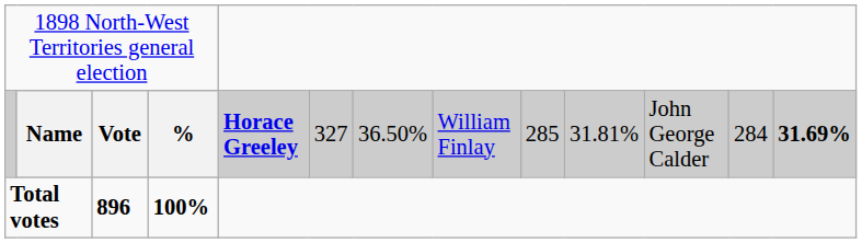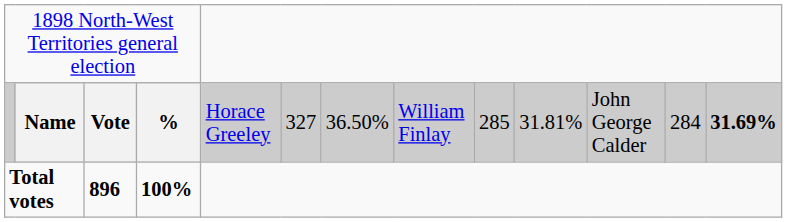 <table class="wikitable">
 <tr>
 <td colspan=4 align=center><a href='#'>1898 North-West Territories general election</a></td>
 </tr>
 <tr bgcolor="CCCCCC">
 <td></td>
 <th>Name</th>
 <th>Vote</th>
 <th>%<br></th>
-<td><strong><a href='#'>Horace Greeley</a></strong></td>
+<td><a href='#'>Horace Greeley</a></td>
 <td>327</td>
 <td>36.50%<br></td>
 <td><a href='#'>William Finlay</a></td>
 <td>285</td>
 <td>31.81%<br></td>
 <td>John George Calder</td>
 <td>284</td>
 <td><strong>31.69%</strong></td>
 </tr>
 <tr>
 <td colspan=2><strong>Total votes</strong></td>
 <td><strong>896</strong></td>
 <td alignment="left"><strong>100%</strong></td>
 </tr>
 </table>
